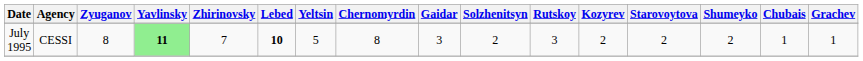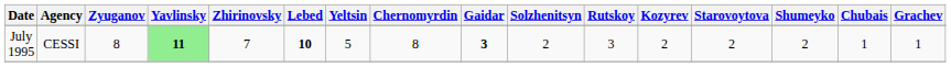 <table class=wikitable style=text-align:center>
 <tr>
 <th>Date</th>
 <th>Agency</th>
 <th><a href='#'>Zyuganov</a></th>
 <th><a href='#'>Yavlinsky</a></th>
 <th><a href='#'>Zhirinovsky</a></th>
 <th><a href='#'>Lebed</a></th>
 <th><a href='#'>Yeltsin</a></th>
 <th><a href='#'>Chernomyrdin</a></th>
 <th><a href='#'>Gaidar</a></th>
 <th><a href='#'>Solzhenitsyn</a></th>
 <th><a href='#'>Rutskoy</a></th>
 <th><a href='#'>Kozyrev</a></th>
 <th><a href='#'>Starovoytova</a></th>
 <th><a href='#'>Shumeyko</a></th>
 <th><a href='#'>Chubais</a></th>
 <th><a href='#'>Grachev</a></th>
 </tr>
 <tr>
 </tr>
 <tr>
 <td>July 1995</td>
 <td>CESSI</td>
 <td>8</td>
 <td style="background:#90ee90"><strong>11</strong></td>
 <td>7</td>
 <td><strong>10</strong></td>
 <td>5</td>
 <td>8</td>
-<td>3</td>
+<td><strong>3</strong></td>
 <td>2</td>
 <td>3</td>
 <td>2</td>
 <td>2</td>
 <td>2</td>
 <td>1</td>
 <td>1</td>
 </tr>
 <tr>
 </tr>
 </table>
